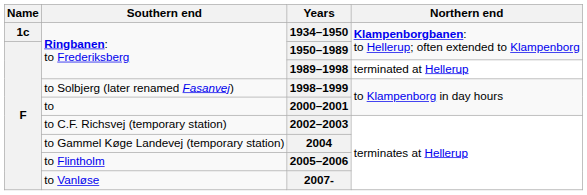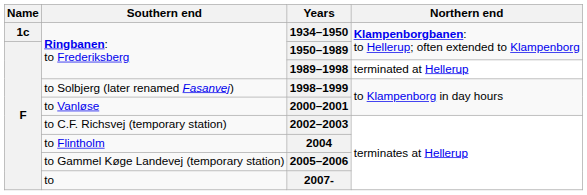 <table class=wikitable>
 <tr>
 <th>Name</th>
 <th>Southern end</th>
 <th>Years</th>
 <th>Northern end</th>
 </tr>
 <tr>
 <th>1c</th>
 <td rowspan=3><strong><a href='#'>Ringbanen</a></strong>:<br> to <a href='#'>Frederiksberg</a></td>
 <th>1934–1950</th>
 <td rowspan=2><strong><a href='#'>Klampenborgbanen</a></strong>:<br> to <a href='#'>Hellerup</a>; often extended to <a href='#'>Klampenborg</a></td>
 </tr>
 <tr>
 <th rowspan=8>F</th>
 <th>1950–1989</th>
 </tr>
 <tr>
 <th>1989–1998</th>
 <td style="background:white">terminated at <a href='#'>Hellerup</a></td>
 </tr>
 <tr>
 <td>to Solbjerg (later renamed <em><a href='#'>Fasanvej</a></em>)</td>
 <th>1998–1999</th>
 <td rowspan=2>to <a href='#'>Klampenborg</a> in day hours</td>
 </tr>
 <tr>
-<td>to </td>
+<td>to <a href='#'>Vanløse</a></td>
 <th>2000–2001</th>
 </tr>
 <tr>
 <td>to C.F. Richsvej (temporary station)</td>
 <th>2002–2003</th>
 <td rowspan=4 style="background:white">terminates at <a href='#'>Hellerup</a></td>
 </tr>
 <tr>
-<td>to Gammel Køge Landevej (temporary station)</td>
+<td>to <a href='#'>Flintholm</a></td>
 <th>2004</th>
 </tr>
 <tr>
-<td>to <a href='#'>Flintholm</a></td>
+<td>to Gammel Køge Landevej (temporary station)</td>
 <th>2005–2006</th>
 </tr>
 <tr>
-<td>to <a href='#'>Vanløse</a></td>
+<td>to </td>
 <th>2007-</th>
 </tr>
 </table>
